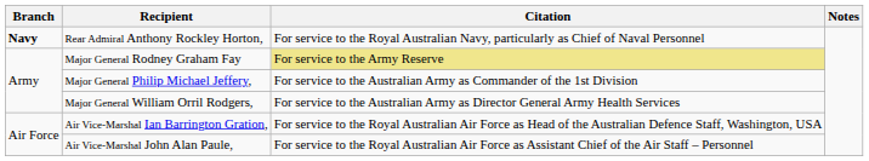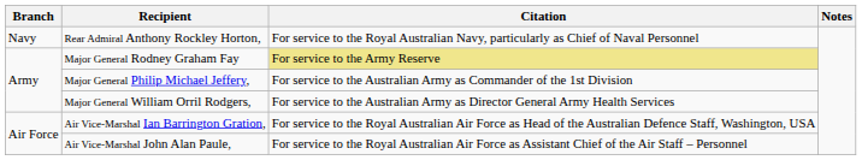 <table class="wikitable" style="font-size:95%;">
 <tr>
 <th>Branch</th>
 <th>Recipient</th>
 <th>Citation</th>
 <th>Notes</th>
 </tr>
 <tr>
-<td><strong>Navy</strong></td>
+<td>Navy</td>
 <td><small>Rear Admiral</small> Anthony Rockley Horton, </td>
 <td>For service to the Royal Australian Navy, particularly as Chief of Naval Personnel</td>
 <td rowspan="6"></td>
 </tr>
 <tr>
 <td rowspan="3">Army</td>
 <td><small>Major General</small> Rodney Graham Fay</td>
 <td style="background: khaki;">For service to the Army Reserve</td>
 </tr>
 <tr>
 <td><small>Major General</small> <a href='#'>Philip Michael Jeffery</a>, </td>
 <td>For service to the Australian Army as Commander of the 1st Division</td>
 </tr>
 <tr>
 <td><small>Major General</small> William Orril Rodgers, </td>
 <td>For service to the Australian Army as Director General Army Health Services</td>
 </tr>
 <tr>
 <td rowspan="2">Air Force</td>
 <td><small>Air Vice-Marshal</small> <a href='#'>Ian Barrington Gration</a>, </td>
 <td>For service to the Royal Australian Air Force as Head of the Australian Defence Staff, Washington, USA</td>
 </tr>
 <tr>
 <td><small>Air Vice-Marshal</small> John Alan Paule, </td>
 <td>For service to the Royal Australian Air Force as Assistant Chief of the Air Staff – Personnel</td>
 </tr>
 </table>
